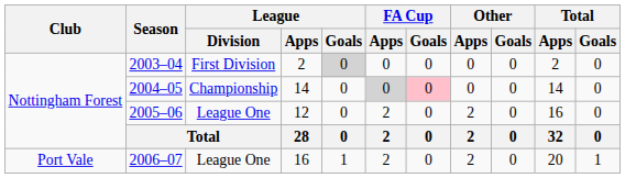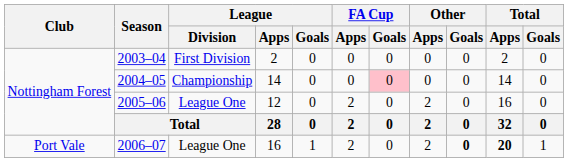 <table class="wikitable" style="text-align:center">
 <tr>
 <th rowspan="2">Club</th>
 <th rowspan="2">Season</th>
 <th colspan="3">League</th>
 <th colspan="2"><a href='#'>FA Cup</a></th>
 <th colspan="2">Other</th>
 <th colspan="2">Total</th>
 </tr>
 <tr>
 <th>Division</th>
 <th>Apps</th>
 <th>Goals</th>
 <th>Apps</th>
 <th>Goals</th>
 <th>Apps</th>
 <th>Goals</th>
 <th>Apps</th>
 <th>Goals</th>
 </tr>
 <tr>
 <td rowspan="4"><a href='#'>Nottingham Forest</a></td>
 <td><a href='#'>2003–04</a></td>
 <td><a href='#'>First Division</a></td>
 <td>2</td>
-<td style="background: lightgrey;">0</td>
+<td>0</td>
 <td>0</td>
 <td>0</td>
 <td>0</td>
 <td>0</td>
 <td>2</td>
 <td>0</td>
 </tr>
 <tr>
 <td><a href='#'>2004–05</a></td>
 <td><a href='#'>Championship</a></td>
 <td>14</td>
 <td>0</td>
-<td style="background: lightgrey;">0</td>
+<td>0</td>
 <td style="background: pink;">0</td>
 <td>0</td>
 <td>0</td>
 <td>14</td>
 <td>0</td>
 </tr>
 <tr>
 <td><a href='#'>2005–06</a></td>
 <td><a href='#'>League One</a></td>
 <td>12</td>
 <td>0</td>
 <td>2</td>
 <td>0</td>
 <td>2</td>
 <td>0</td>
 <td>16</td>
 <td>0</td>
 </tr>
 <tr>
 <th colspan="2">Total</th>
 <th>28</th>
 <th>0</th>
 <th>2</th>
 <th>0</th>
 <th>2</th>
 <th>0</th>
 <th>32</th>
 <th>0</th>
 </tr>
 <tr>
 <td><a href='#'>Port Vale</a></td>
 <td><a href='#'>2006–07</a></td>
 <td>League One</td>
 <td>16</td>
 <td>1</td>
 <td>2</td>
 <td>0</td>
 <td>2</td>
-<td>0</td>
-<td>20</td>
+<td><strong>0</strong></td>
+<td><strong>20</strong></td>
 <td>1</td>
 </tr>
 </table>
